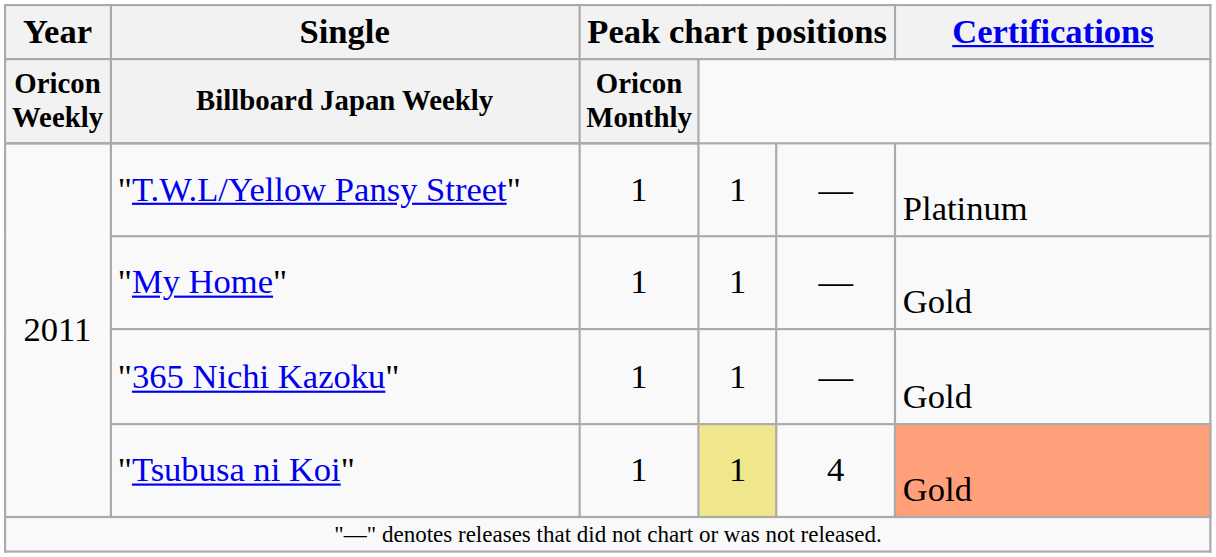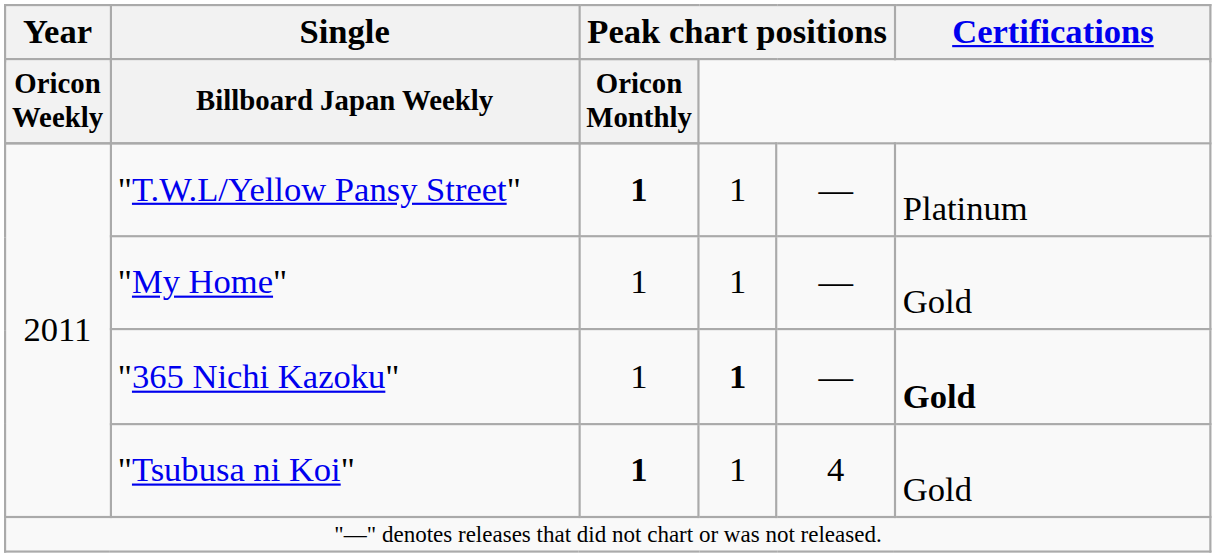 <table class="wikitable"  >
 <tr>
 <th rowspan=2>Year</th>
 <th width=210 rowspan="2">Single</th>
 <th colspan=3>Peak chart positions</th>
 <th rowspan=2 width="139"><a href='#'>Certifications</a></th>
 </tr>
 <tr>
 </tr>
 <tr style="font-size:smaller;">
 <th width="35">Oricon Weekly</th>
 <th width="35">Billboard Japan Weekly</th>
 <th width="35">Oricon Monthly</th>
 </tr>
 <tr align="center" style="font-size:smaller;">
 </tr>
 <tr align="center">
 <td align="center" rowspan=4>2011</td>
 <td align="left">"<a href='#'>T.W.L/Yellow Pansy Street</a>"</td>
-<td>1</td>
+<td><strong>1</strong></td>
 <td>1</td>
 <td>—</td>
 <td align="left"><br>Platinum</td>
 </tr>
 <tr align="center">
 <td align="left">"<a href='#'>My Home</a>"</td>
 <td>1</td>
 <td>1</td>
 <td>—</td>
 <td align="left"><br>Gold</td>
 </tr>
 <tr align="center">
 <td align="left">"<a href='#'>365 Nichi Kazoku</a>"</td>
 <td>1</td>
-<td>1</td>
+<td><strong>1</strong></td>
 <td>—</td>
-<td align="left"><br>Gold</td>
+<td align="left"><strong><br>Gold</strong></td>
 </tr>
 <tr align="center">
 <td align="left">"<a href='#'>Tsubusa ni Koi</a>"</td>
+<td><strong>1</strong></td>
 <td>1</td>
-<td style="background: khaki;">1</td>
 <td>4</td>
-<td align="left" style="background: lightsalmon;"><br>Gold</td>
+<td align="left"><br>Gold</td>
 </tr>
 <tr>
 <td align="center" colspan="20" style="font-size:8pt">"—" denotes releases that did not chart or was not released.</td>
 </tr>
 </table>
